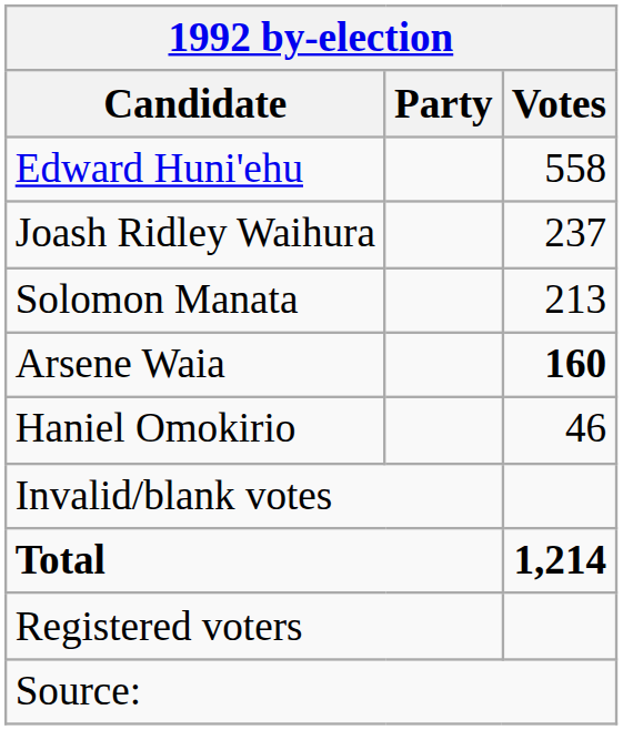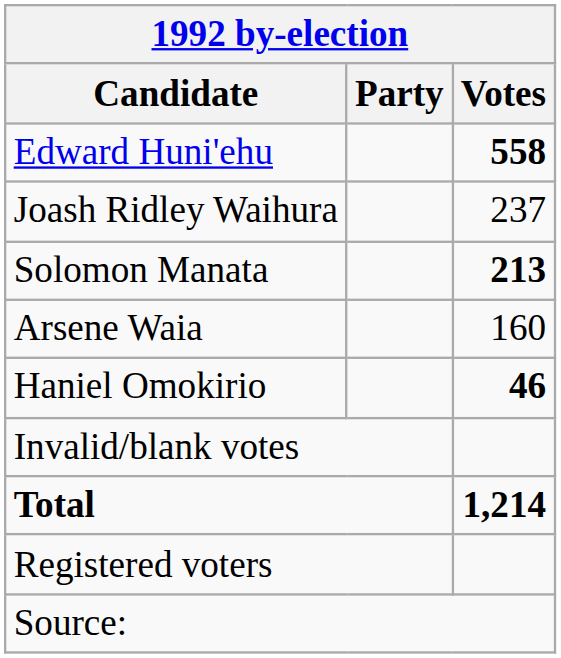 <table class=wikitable style=text-align:left>
 <tr>
 <th colspan=3><a href='#'>1992 by-election</a></th>
 </tr>
 <tr>
 <th>Candidate</th>
 <th>Party</th>
 <th>Votes</th>
 </tr>
 <tr>
 <td><a href='#'>Edward Huni'ehu</a></td>
 <td></td>
-<td align=right>558</td>
+<td align=right><strong>558</strong></td>
 </tr>
 <tr>
 <td>Joash Ridley Waihura</td>
 <td></td>
 <td align=right>237</td>
 </tr>
 <tr>
 <td>Solomon Manata</td>
 <td></td>
-<td align=right>213</td>
+<td align=right><strong>213</strong></td>
 </tr>
 <tr>
 <td>Arsene Waia</td>
 <td></td>
-<td align=right><strong>160</strong></td>
+<td align=right>160</td>
 </tr>
 <tr>
 <td>Haniel Omokirio</td>
 <td></td>
-<td align=right>46</td>
+<td align=right><strong>46</strong></td>
 </tr>
 <tr>
 <td colspan=2>Invalid/blank votes</td>
 <td></td>
 </tr>
 <tr>
 <td colspan=2><strong>Total</strong></td>
 <td align=right><strong>1,214</strong></td>
 </tr>
 <tr>
 <td colspan=2>Registered voters</td>
 <td align=right></td>
 </tr>
 <tr>
 <td colspan=3>Source: </td>
 </tr>
 </table>
